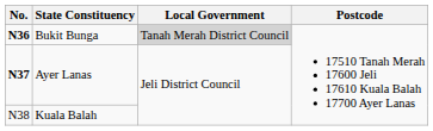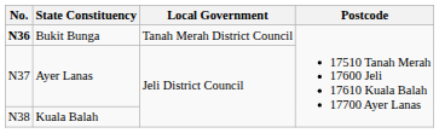 <table class="wikitable">
 <tr>
 <th>No.</th>
 <th>State Constituency</th>
 <th>Local Government</th>
 <th>Postcode</th>
 </tr>
 <tr>
 <td><strong>N36</strong></td>
 <td>Bukit Bunga</td>
-<td style="background: lightgrey;">Tanah Merah District Council</td>
+<td>Tanah Merah District Council</td>
 <td rowspan="3"><br><ul><li>17510 Tanah Merah</li><li>17600 Jeli</li><li>17610 Kuala Balah</li><li>17700 Ayer Lanas</li></ul></td>
 </tr>
 <tr>
-<td><strong>N37</strong></td>
+<td>N37</td>
 <td>Ayer Lanas</td>
 <td rowspan="2">Jeli District Council</td>
 </tr>
 <tr>
 <td>N38</td>
 <td>Kuala Balah</td>
 </tr>
 </table>
